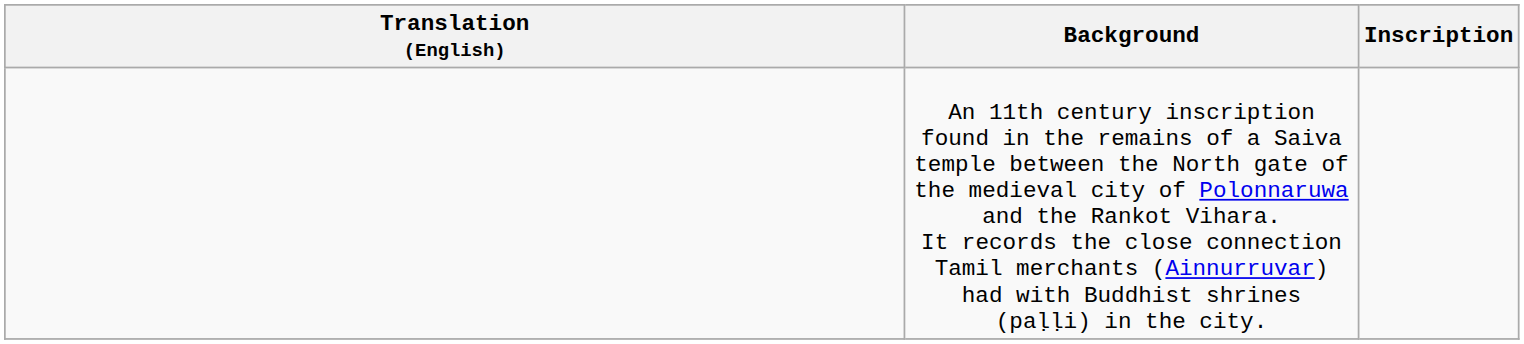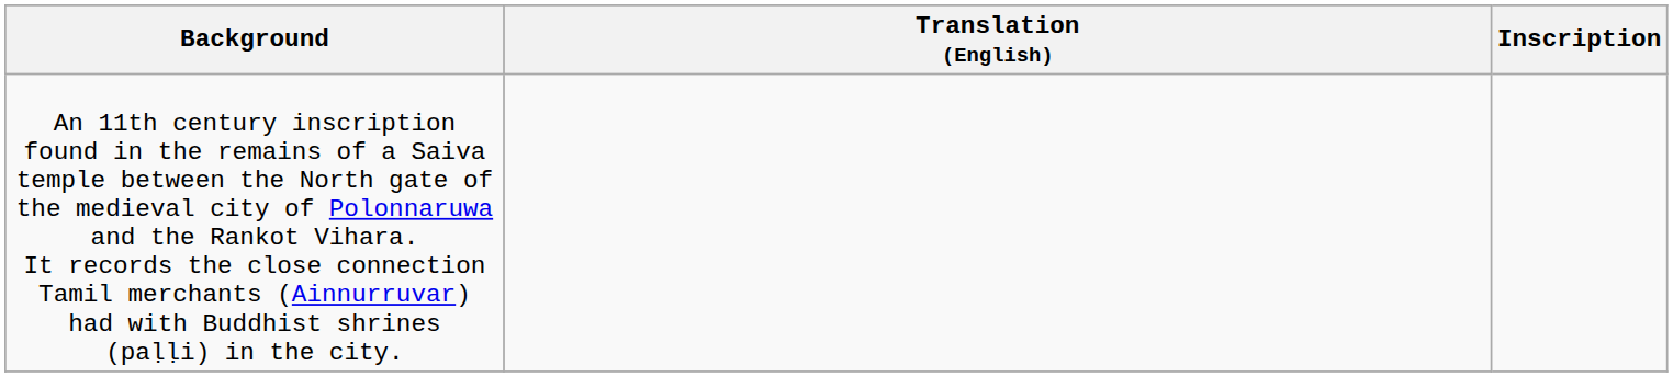 <table class="wikitable centre">
 <tr>
+<th scope="col" align=left>Background<br></th>
 <th>Translation<br><small>(English)</small></th>
-<th scope="col" align=left>Background<br></th>
 <th>Inscription<br></th>
 </tr>
 <tr>
+<td align=center width="30%"><br>An 11th century inscription found in the remains of a Saiva temple between the North gate of the medieval city of <a href='#'>Polonnaruwa</a> and the Rankot Vihara.<br>It records the close connection Tamil merchants (<a href='#'>Ainnurruvar</a>) had with Buddhist shrines (paḷḷi) in the city.</td>
 <td align=left><br></td>
-<td align=center width="30%"><br>An 11th century inscription found in the remains of a Saiva temple between the North gate of the medieval city of <a href='#'>Polonnaruwa</a> and the Rankot Vihara.<br>It records the close connection Tamil merchants (<a href='#'>Ainnurruvar</a>) had with Buddhist shrines (paḷḷi) in the city.</td>
 <td align=center width="10%"><br></td>
 </tr>
 </table>
